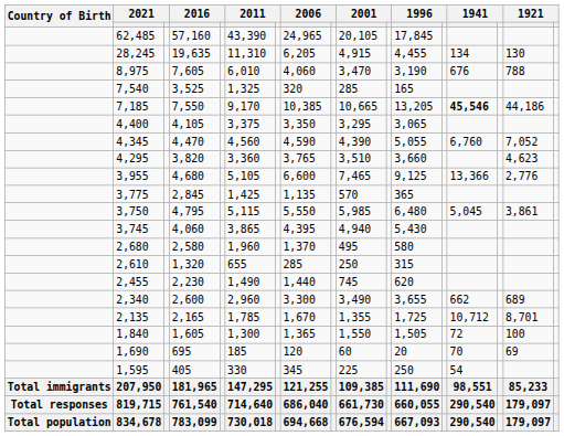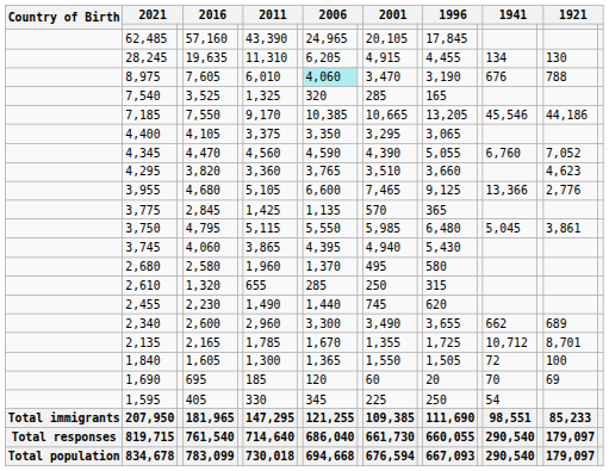 <table class="wikitable sortable">
 <tr>
 <th rowspan="2">Country of Birth</th>
 <th colspan="2">2021</th>
 <th colspan="2">2016</th>
 <th colspan="2">2011</th>
 <th colspan="2">2006</th>
 <th colspan="2">2001</th>
 <th colspan="2">1996</th>
 <th colspan="2">1941</th>
 <th colspan="2">1921</th>
 </tr>
 <tr>
 <th><a href='#'></a></th>
 <th></th>
 <th></th>
 <th></th>
 <th></th>
 <th></th>
 <th></th>
 <th></th>
 <th></th>
 <th></th>
 <th></th>
 <th></th>
 <th></th>
 <th></th>
 <th></th>
 <th></th>
 </tr>
 <tr>
 <td></td>
 <td>62,485</td>
 <td></td>
 <td>57,160</td>
 <td></td>
 <td>43,390</td>
 <td></td>
 <td>24,965</td>
 <td></td>
 <td>20,105</td>
 <td></td>
 <td>17,845</td>
 <td></td>
 <td></td>
 <td></td>
 <td></td>
 <td></td>
 </tr>
 <tr>
 <td></td>
 <td>28,245</td>
 <td></td>
 <td>19,635</td>
 <td></td>
 <td>11,310</td>
 <td></td>
 <td>6,205</td>
 <td></td>
 <td>4,915</td>
 <td></td>
 <td>4,455</td>
 <td></td>
 <td>134</td>
 <td></td>
 <td>130</td>
 <td></td>
 </tr>
 <tr>
 <td></td>
 <td>8,975</td>
 <td></td>
 <td>7,605</td>
 <td></td>
 <td>6,010</td>
 <td></td>
-<td>4,060</td>
+<td style="background: paleturquoise;">4,060</td>
 <td></td>
 <td>3,470</td>
 <td></td>
 <td>3,190</td>
 <td></td>
 <td>676</td>
 <td></td>
 <td>788</td>
 <td></td>
 </tr>
 <tr>
 <td></td>
 <td>7,540</td>
 <td></td>
 <td>3,525</td>
 <td></td>
 <td>1,325</td>
 <td></td>
 <td>320</td>
 <td></td>
 <td>285</td>
 <td></td>
 <td>165</td>
 <td></td>
 <td></td>
 <td></td>
 <td></td>
 <td></td>
 </tr>
 <tr>
 <td></td>
 <td>7,185</td>
 <td></td>
 <td>7,550</td>
 <td></td>
 <td>9,170</td>
 <td></td>
 <td>10,385</td>
 <td></td>
 <td>10,665</td>
 <td></td>
 <td>13,205</td>
 <td></td>
-<td><strong>45,546</strong></td>
+<td>45,546</td>
 <td></td>
 <td>44,186</td>
 <td></td>
 </tr>
 <tr>
 <td></td>
 <td>4,400</td>
 <td></td>
 <td>4,105</td>
 <td></td>
 <td>3,375</td>
 <td></td>
 <td>3,350</td>
 <td></td>
 <td>3,295</td>
 <td></td>
 <td>3,065</td>
 <td></td>
 <td></td>
 <td></td>
 <td></td>
 <td></td>
 </tr>
 <tr>
 <td></td>
 <td>4,345</td>
 <td></td>
 <td>4,470</td>
 <td></td>
 <td>4,560</td>
 <td></td>
 <td>4,590</td>
 <td></td>
 <td>4,390</td>
 <td></td>
 <td>5,055</td>
 <td></td>
 <td>6,760</td>
 <td></td>
 <td>7,052</td>
 <td></td>
 </tr>
 <tr>
 <td></td>
 <td>4,295</td>
 <td></td>
 <td>3,820</td>
 <td></td>
 <td>3,360</td>
 <td></td>
 <td>3,765</td>
 <td></td>
 <td>3,510</td>
 <td></td>
 <td>3,660</td>
 <td></td>
 <td></td>
 <td></td>
 <td>4,623</td>
 <td></td>
 </tr>
 <tr>
 <td></td>
 <td>3,955</td>
 <td></td>
 <td>4,680</td>
 <td></td>
 <td>5,105</td>
 <td></td>
 <td>6,600</td>
 <td></td>
 <td>7,465</td>
 <td></td>
 <td>9,125</td>
 <td></td>
 <td>13,366</td>
 <td></td>
 <td>2,776</td>
 <td></td>
 </tr>
 <tr>
 <td></td>
 <td>3,775</td>
 <td></td>
 <td>2,845</td>
 <td></td>
 <td>1,425</td>
 <td></td>
 <td>1,135</td>
 <td></td>
 <td>570</td>
 <td></td>
 <td>365</td>
 <td></td>
 <td></td>
 <td></td>
 <td></td>
 <td></td>
 </tr>
 <tr>
 <td></td>
 <td>3,750</td>
 <td></td>
 <td>4,795</td>
 <td></td>
 <td>5,115</td>
 <td></td>
 <td>5,550</td>
 <td></td>
 <td>5,985</td>
 <td></td>
 <td>6,480</td>
 <td></td>
 <td>5,045</td>
 <td></td>
 <td>3,861</td>
 <td></td>
 </tr>
 <tr>
 <td></td>
 <td>3,745</td>
 <td></td>
 <td>4,060</td>
 <td></td>
 <td>3,865</td>
 <td></td>
 <td>4,395</td>
 <td></td>
 <td>4,940</td>
 <td></td>
 <td>5,430</td>
 <td></td>
 <td></td>
 <td></td>
 <td></td>
 <td></td>
 </tr>
 <tr>
 <td></td>
 <td>2,680</td>
 <td></td>
 <td>2,580</td>
 <td></td>
 <td>1,960</td>
 <td></td>
 <td>1,370</td>
 <td></td>
 <td>495</td>
 <td></td>
 <td>580</td>
 <td></td>
 <td></td>
 <td></td>
 <td></td>
 <td></td>
 </tr>
 <tr>
 <td></td>
 <td>2,610</td>
 <td></td>
 <td>1,320</td>
 <td></td>
 <td>655</td>
 <td></td>
 <td>285</td>
 <td></td>
 <td>250</td>
 <td></td>
 <td>315</td>
 <td></td>
 <td></td>
 <td></td>
 <td></td>
 <td></td>
 </tr>
 <tr>
 <td></td>
 <td>2,455</td>
 <td></td>
 <td>2,230</td>
 <td></td>
 <td>1,490</td>
 <td></td>
 <td>1,440</td>
 <td></td>
 <td>745</td>
 <td></td>
 <td>620</td>
 <td></td>
 <td></td>
 <td></td>
 <td></td>
 <td></td>
 </tr>
 <tr>
 <td></td>
 <td>2,340</td>
 <td></td>
 <td>2,600</td>
 <td></td>
 <td>2,960</td>
 <td></td>
 <td>3,300</td>
 <td></td>
 <td>3,490</td>
 <td></td>
 <td>3,655</td>
 <td></td>
 <td>662</td>
 <td></td>
 <td>689</td>
 <td></td>
 </tr>
 <tr>
 <td></td>
 <td>2,135</td>
 <td></td>
 <td>2,165</td>
 <td></td>
 <td>1,785</td>
 <td></td>
 <td>1,670</td>
 <td></td>
 <td>1,355</td>
 <td></td>
 <td>1,725</td>
 <td></td>
 <td>10,712</td>
 <td></td>
 <td>8,701</td>
 <td></td>
 </tr>
 <tr>
 <td></td>
 <td>1,840</td>
 <td></td>
 <td>1,605</td>
 <td></td>
 <td>1,300</td>
 <td></td>
 <td>1,365</td>
 <td></td>
 <td>1,550</td>
 <td></td>
 <td>1,505</td>
 <td></td>
 <td>72</td>
 <td></td>
 <td>100</td>
 <td></td>
 </tr>
 <tr>
 <td></td>
 <td>1,690</td>
 <td></td>
 <td>695</td>
 <td></td>
 <td>185</td>
 <td></td>
 <td>120</td>
 <td></td>
 <td>60</td>
 <td></td>
 <td>20</td>
 <td></td>
 <td>70</td>
 <td></td>
 <td>69</td>
 <td></td>
 </tr>
 <tr>
 <td></td>
 <td>1,595</td>
 <td></td>
 <td>405</td>
 <td></td>
 <td>330</td>
 <td></td>
 <td>345</td>
 <td></td>
 <td>225</td>
 <td></td>
 <td>250</td>
 <td></td>
 <td>54</td>
 <td></td>
 <td></td>
 <td></td>
 </tr>
 <tr>
 <th>Total immigrants</th>
 <th>207,950</th>
 <th></th>
 <th>181,965</th>
 <th></th>
 <th>147,295</th>
 <th></th>
 <th>121,255</th>
 <th></th>
 <th>109,385</th>
 <th></th>
 <th>111,690</th>
 <th></th>
 <th>98,551</th>
 <th></th>
 <th>85,233</th>
 <th></th>
 </tr>
 <tr class="sortbottom">
 <th>Total responses</th>
 <th>819,715</th>
 <th></th>
 <th>761,540</th>
 <th></th>
 <th>714,640</th>
 <th></th>
 <th>686,040</th>
 <th></th>
 <th>661,730</th>
 <th></th>
 <th>660,055</th>
 <th></th>
 <th>290,540</th>
 <th></th>
 <th>179,097</th>
 <th></th>
 </tr>
 <tr class="sortbottom">
 <th>Total population</th>
 <th>834,678</th>
 <th></th>
 <th>783,099</th>
 <th></th>
 <th>730,018</th>
 <th></th>
 <th>694,668</th>
 <th></th>
 <th>676,594</th>
 <th></th>
 <th>667,093</th>
 <th></th>
 <th>290,540</th>
 <th></th>
 <th>179,097</th>
 <th></th>
 </tr>
 </table>
